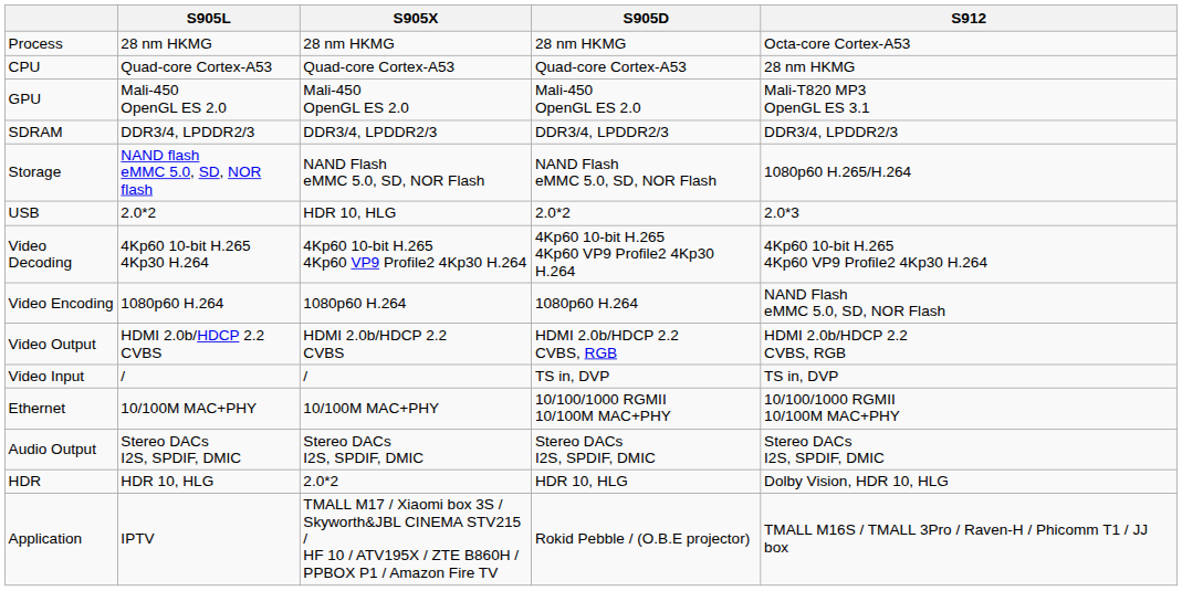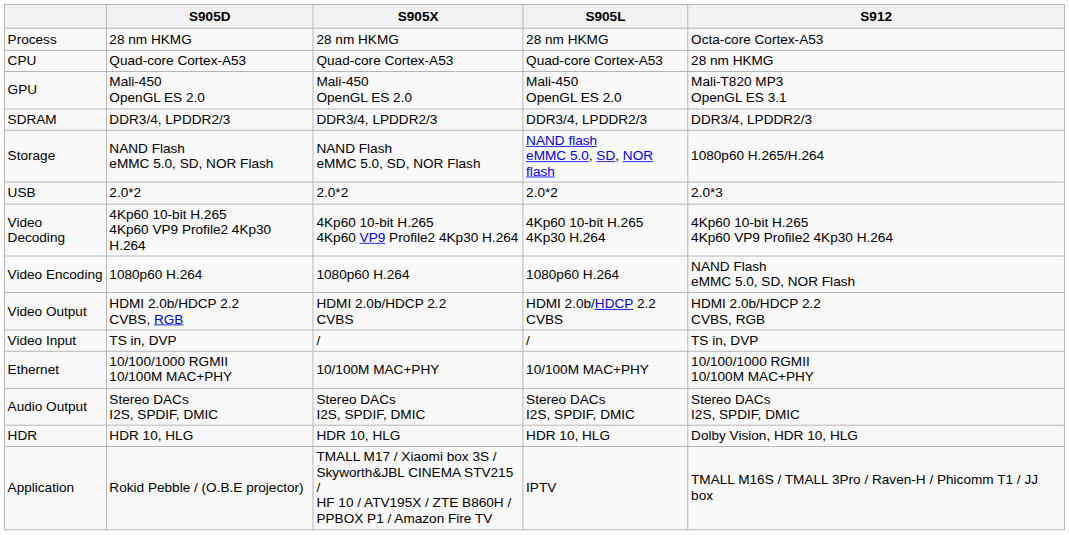 <table class="wikitable sticky-header">
 <tr>
 <th>　</th>
+<th>S905D</th>
+<th>S905X</th>
 <th>S905L</th>
-<th>S905X</th>
-<th>S905D</th>
 <th>S912</th>
 </tr>
 <tr>
 <td>Process</td>
 <td>28 nm HKMG</td>
 <td>28 nm HKMG</td>
 <td>28 nm HKMG</td>
 <td>Octa-core Cortex-A53</td>
 </tr>
 <tr>
 <td>CPU</td>
 <td>Quad-core Cortex-A53</td>
 <td>Quad-core Cortex-A53</td>
 <td>Quad-core Cortex-A53</td>
 <td>28 nm HKMG</td>
 </tr>
 <tr>
 <td>GPU</td>
 <td>Mali-450<br>OpenGL ES 2.0</td>
 <td>Mali-450<br>OpenGL ES 2.0</td>
 <td>Mali-450<br>OpenGL ES 2.0</td>
 <td>Mali-T820 MP3<br>OpenGL ES 3.1</td>
 </tr>
 <tr>
 <td>SDRAM</td>
 <td>DDR3/4, LPDDR2/3</td>
 <td>DDR3/4, LPDDR2/3</td>
 <td>DDR3/4, LPDDR2/3</td>
 <td>DDR3/4, LPDDR2/3</td>
 </tr>
 <tr>
 <td>Storage</td>
-<td><a href='#'>NAND flash</a><br><a href='#'>eMMC 5.0</a>, <a href='#'>SD</a>, <a href='#'>NOR flash</a></td>
 <td>NAND Flash<br>eMMC 5.0, SD, NOR Flash</td>
 <td>NAND Flash<br>eMMC 5.0, SD, NOR Flash</td>
+<td><a href='#'>NAND flash</a><br><a href='#'>eMMC 5.0</a>, <a href='#'>SD</a>, <a href='#'>NOR flash</a></td>
 <td>1080p60 H.265/H.264</td>
 </tr>
 <tr>
 <td>USB</td>
 <td>2.0*2</td>
-<td>HDR 10, HLG</td>
+<td>2.0*2</td>
 <td>2.0*2</td>
 <td>2.0*3</td>
 </tr>
 <tr>
 <td>Video Decoding</td>
+<td>4Kp60 10-bit H.265<br>4Kp60 VP9 Profile2 4Kp30 H.264</td>
+<td>4Kp60 10-bit H.265<br>4Kp60 <a href='#'>VP9</a> Profile2 4Kp30 H.264</td>
 <td>4Kp60 10-bit H.265<br>4Kp30 H.264</td>
-<td>4Kp60 10-bit H.265<br>4Kp60 <a href='#'>VP9</a> Profile2 4Kp30 H.264</td>
-<td>4Kp60 10-bit H.265<br>4Kp60 VP9 Profile2 4Kp30 H.264</td>
 <td>4Kp60 10-bit H.265<br>4Kp60 VP9 Profile2 4Kp30 H.264</td>
 </tr>
 <tr>
 <td>Video Encoding</td>
 <td>1080p60 H.264</td>
 <td>1080p60 H.264</td>
 <td>1080p60 H.264</td>
 <td>NAND Flash<br>eMMC 5.0, SD, NOR Flash</td>
 </tr>
 <tr>
 <td>Video Output</td>
+<td>HDMI 2.0b/HDCP 2.2<br>CVBS, <a href='#'>RGB</a></td>
+<td>HDMI 2.0b/HDCP 2.2<br>CVBS</td>
 <td>HDMI 2.0b/<a href='#'>HDCP</a> 2.2<br>CVBS</td>
-<td>HDMI 2.0b/HDCP 2.2<br>CVBS</td>
-<td>HDMI 2.0b/HDCP 2.2<br>CVBS, <a href='#'>RGB</a></td>
 <td>HDMI 2.0b/HDCP 2.2<br>CVBS, RGB</td>
 </tr>
 <tr>
 <td>Video Input</td>
+<td>TS in, DVP</td>
 <td>/</td>
 <td>/</td>
-<td>TS in, DVP</td>
 <td>TS in, DVP</td>
 </tr>
 <tr>
 <td>Ethernet</td>
+<td>10/100/1000 RGMII<br>10/100M MAC+PHY</td>
 <td>10/100M MAC+PHY</td>
 <td>10/100M MAC+PHY</td>
-<td>10/100/1000 RGMII<br>10/100M MAC+PHY</td>
 <td>10/100/1000 RGMII<br>10/100M MAC+PHY</td>
 </tr>
 <tr>
 <td>Audio Output</td>
 <td>Stereo DACs<br>I2S, SPDIF, DMIC</td>
 <td>Stereo DACs<br>I2S, SPDIF, DMIC</td>
 <td>Stereo DACs<br>I2S, SPDIF, DMIC</td>
 <td>Stereo DACs<br>I2S, SPDIF, DMIC</td>
 </tr>
 <tr>
 <td>HDR</td>
 <td>HDR 10, HLG</td>
-<td>2.0*2</td>
+<td>HDR 10, HLG</td>
 <td>HDR 10, HLG</td>
 <td>Dolby Vision, HDR 10, HLG</td>
 </tr>
 <tr>
 <td>Application</td>
+<td>Rokid Pebble / (O.B.E projector)</td>
+<td>TMALL M17 / Xiaomi box 3S /<br>Skyworth&JBL CINEMA STV215 /<br>HF 10 / ATV195X / ZTE B860H /<br>PPBOX P1 / Amazon Fire TV</td>
 <td>IPTV</td>
-<td>TMALL M17 / Xiaomi box 3S /<br>Skyworth&JBL CINEMA STV215 /<br>HF 10 / ATV195X / ZTE B860H /<br>PPBOX P1 / Amazon Fire TV</td>
-<td>Rokid Pebble / (O.B.E projector)</td>
 <td>TMALL M16S / TMALL 3Pro / Raven-H / Phicomm T1 / JJ box</td>
 </tr>
 </table>
